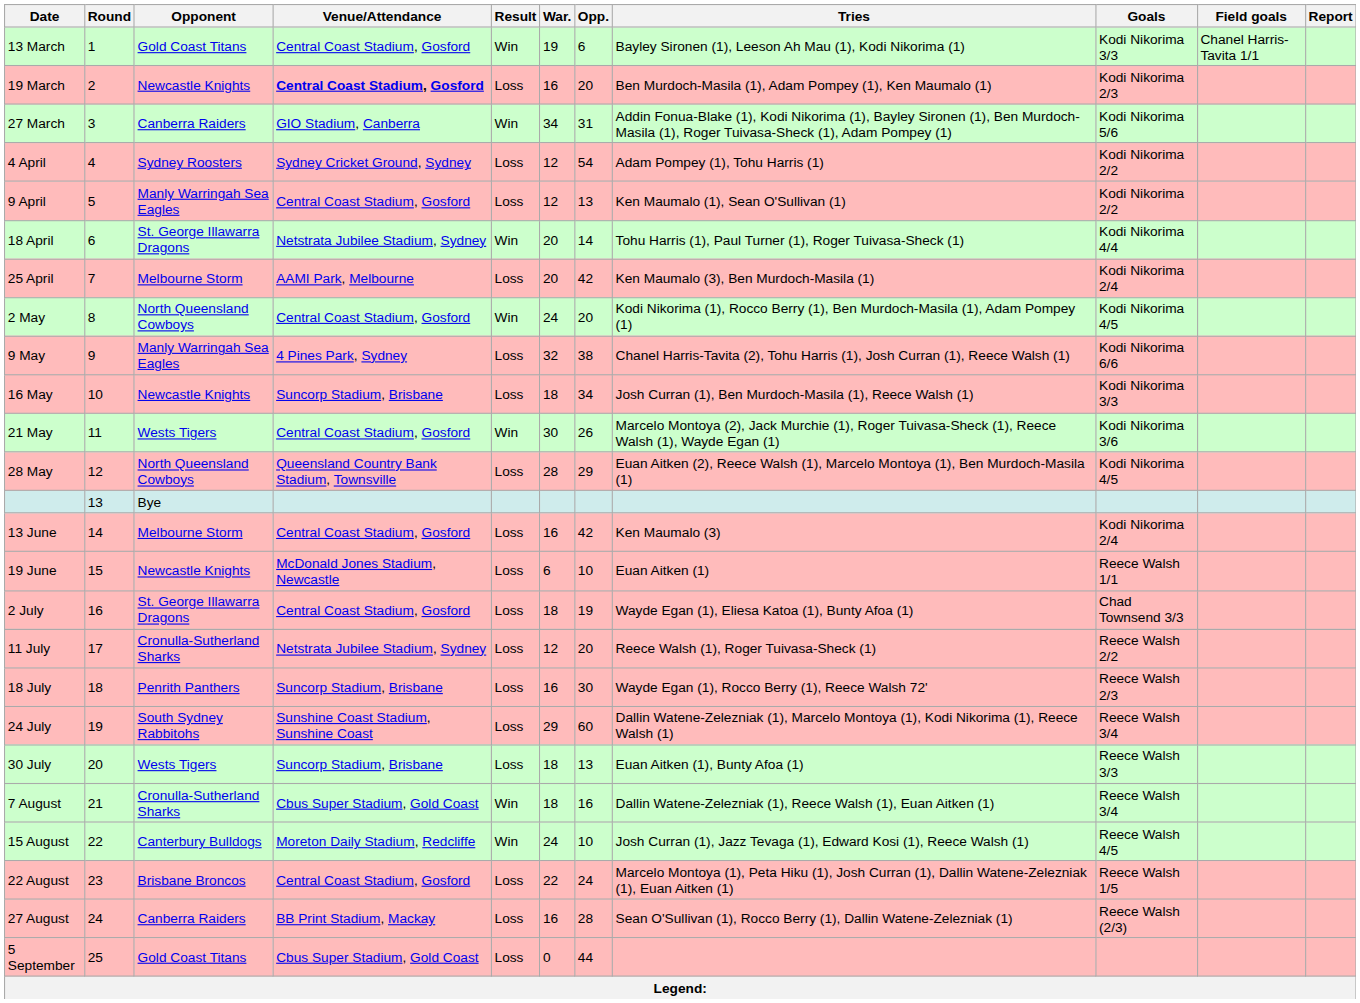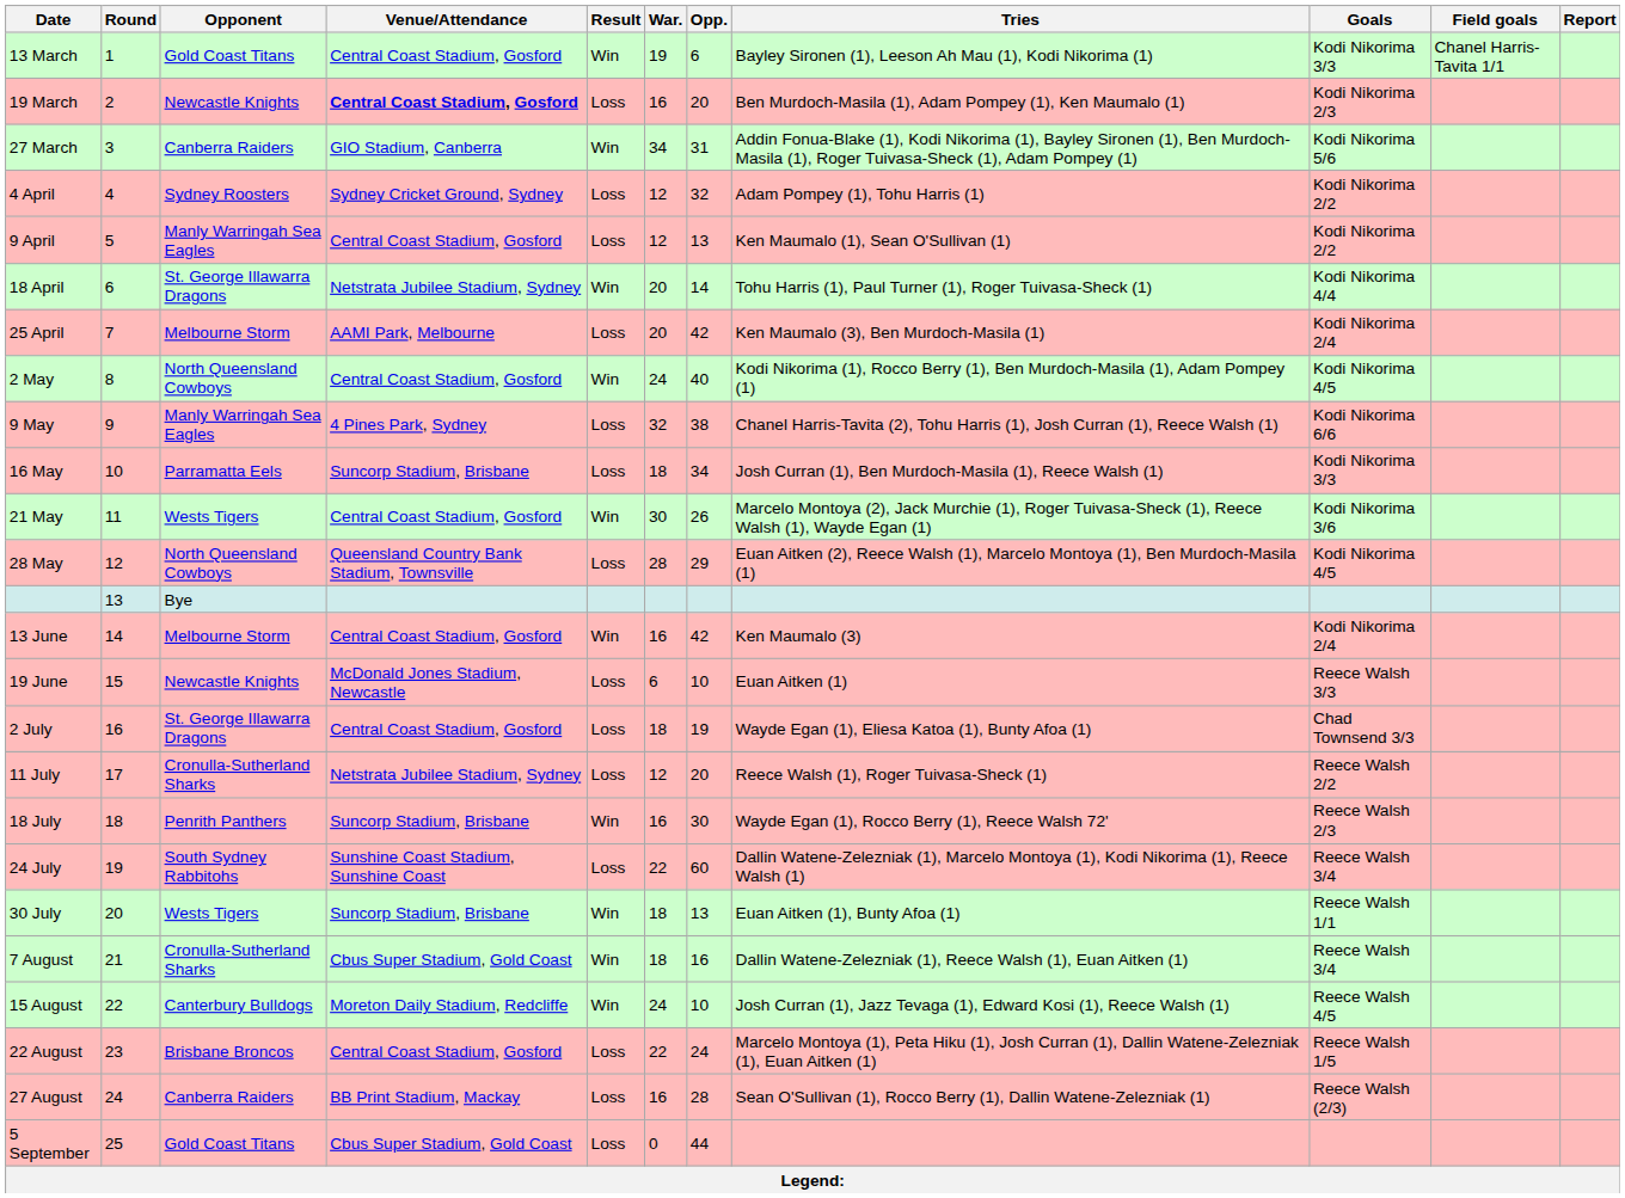 <table class="wikitable"  style="font-size:80%; width:100%;">
 <tr>
 <th>Date</th>
 <th>Round</th>
 <th>Opponent</th>
 <th>Venue/Attendance</th>
 <th>Result</th>
 <th>War.</th>
 <th>Opp.</th>
 <th>Tries</th>
 <th>Goals</th>
 <th>Field goals</th>
 <th>Report</th>
 </tr>
 <tr style="background:#CCFFCC">
 <td>13 March</td>
 <td>1</td>
 <td> <a href='#'>Gold Coast Titans</a></td>
 <td><a href='#'>Central Coast Stadium</a>, <a href='#'>Gosford</a></td>
 <td>Win</td>
 <td>19</td>
 <td>6</td>
 <td>Bayley Sironen (1), Leeson Ah Mau (1), Kodi Nikorima (1)</td>
 <td>Kodi Nikorima 3/3</td>
 <td>Chanel Harris-Tavita 1/1</td>
 <td></td>
 </tr>
 <tr style="background:#FFBBBB">
 <td>19 March</td>
 <td>2</td>
 <td> <a href='#'>Newcastle Knights</a></td>
 <td><strong><a href='#'>Central Coast Stadium</a>, <a href='#'>Gosford</a></strong></td>
 <td>Loss</td>
 <td>16</td>
 <td>20</td>
 <td>Ben Murdoch-Masila (1), Adam Pompey (1), Ken Maumalo (1)</td>
 <td>Kodi Nikorima 2/3</td>
 <td></td>
 <td></td>
 </tr>
 <tr style="background:#CCFFCC">
 <td>27 March</td>
 <td>3</td>
 <td> <a href='#'>Canberra Raiders</a></td>
 <td><a href='#'>GIO Stadium</a>, <a href='#'>Canberra</a></td>
 <td>Win</td>
 <td>34</td>
 <td>31</td>
 <td>Addin Fonua-Blake (1), Kodi Nikorima (1), Bayley Sironen (1), Ben Murdoch-Masila (1), Roger Tuivasa-Sheck (1), Adam Pompey (1)</td>
 <td>Kodi Nikorima 5/6</td>
 <td></td>
 <td></td>
 </tr>
 <tr style="background:#FFBBBB">
 <td>4 April</td>
 <td>4</td>
 <td> <a href='#'>Sydney Roosters</a></td>
 <td><a href='#'>Sydney Cricket Ground</a>, <a href='#'>Sydney</a></td>
 <td>Loss</td>
 <td>12</td>
-<td>54</td>
+<td>32</td>
 <td>Adam Pompey (1), Tohu Harris (1)</td>
 <td>Kodi Nikorima 2/2</td>
 <td></td>
 <td></td>
 </tr>
 <tr style="background:#FFBBBB">
 <td>9 April</td>
 <td>5</td>
 <td> <a href='#'>Manly Warringah Sea Eagles</a></td>
 <td><a href='#'>Central Coast Stadium</a>, <a href='#'>Gosford</a></td>
 <td>Loss</td>
 <td>12</td>
 <td>13</td>
 <td>Ken Maumalo (1), Sean O'Sullivan (1)</td>
 <td>Kodi Nikorima 2/2</td>
 <td></td>
 <td></td>
 </tr>
 <tr style="background:#CCFFCC">
 <td>18 April</td>
 <td>6</td>
 <td> <a href='#'>St. George Illawarra Dragons</a></td>
 <td><a href='#'>Netstrata Jubilee Stadium</a>, <a href='#'>Sydney</a></td>
 <td>Win</td>
 <td>20</td>
 <td>14</td>
 <td>Tohu Harris (1), Paul Turner (1), Roger Tuivasa-Sheck (1)</td>
 <td>Kodi Nikorima 4/4</td>
 <td></td>
 <td></td>
 </tr>
 <tr style="background:#FFBBBB">
 <td>25 April</td>
 <td>7</td>
 <td> <a href='#'>Melbourne Storm</a></td>
 <td><a href='#'>AAMI Park</a>, <a href='#'>Melbourne</a></td>
 <td>Loss</td>
 <td>20</td>
 <td>42</td>
 <td>Ken Maumalo (3), Ben Murdoch-Masila (1)</td>
 <td>Kodi Nikorima 2/4</td>
 <td></td>
 <td></td>
 </tr>
 <tr style="background:#CCFFCC">
 <td>2 May</td>
 <td>8</td>
 <td> <a href='#'>North Queensland Cowboys</a></td>
 <td><a href='#'>Central Coast Stadium</a>, <a href='#'>Gosford</a></td>
 <td>Win</td>
 <td>24</td>
-<td>20</td>
+<td>40</td>
 <td>Kodi Nikorima (1), Rocco Berry (1), Ben Murdoch-Masila (1), Adam Pompey (1)</td>
 <td>Kodi Nikorima 4/5</td>
 <td></td>
 <td></td>
 </tr>
 <tr style="background:#FFBBBB">
 <td>9 May</td>
 <td>9</td>
 <td> <a href='#'>Manly Warringah Sea Eagles</a></td>
 <td><a href='#'>4 Pines Park</a>, <a href='#'>Sydney</a></td>
 <td>Loss</td>
 <td>32</td>
 <td>38</td>
 <td>Chanel Harris-Tavita (2), Tohu Harris (1), Josh Curran (1), Reece Walsh (1)</td>
 <td>Kodi Nikorima 6/6</td>
 <td></td>
 <td></td>
 </tr>
 <tr style="background:#FFBBBB">
 <td>16 May</td>
 <td>10</td>
-<td> <a href='#'>Newcastle Knights</a></td>
+<td> <a href='#'>Parramatta Eels</a></td>
 <td><a href='#'>Suncorp Stadium</a>, <a href='#'>Brisbane</a></td>
 <td>Loss</td>
 <td>18</td>
 <td>34</td>
 <td>Josh Curran (1), Ben Murdoch-Masila (1), Reece Walsh (1)</td>
 <td>Kodi Nikorima 3/3</td>
 <td></td>
 <td></td>
 </tr>
 <tr style="background:#CCFFCC">
 <td>21 May</td>
 <td>11</td>
 <td> <a href='#'>Wests Tigers</a></td>
 <td><a href='#'>Central Coast Stadium</a>, <a href='#'>Gosford</a></td>
 <td>Win</td>
 <td>30</td>
 <td>26</td>
 <td>Marcelo Montoya (2), Jack Murchie (1), Roger Tuivasa-Sheck (1), Reece Walsh (1), Wayde Egan (1)</td>
 <td>Kodi Nikorima 3/6</td>
 <td></td>
 <td></td>
 </tr>
 <tr style="background:#FFBBBB">
 <td>28 May</td>
 <td>12</td>
 <td> <a href='#'>North Queensland Cowboys</a></td>
 <td><a href='#'>Queensland Country Bank Stadium</a>, <a href='#'>Townsville</a></td>
 <td>Loss</td>
 <td>28</td>
 <td>29</td>
 <td>Euan Aitken (2), Reece Walsh (1), Marcelo Montoya (1), Ben Murdoch-Masila (1)</td>
 <td>Kodi Nikorima 4/5</td>
 <td></td>
 <td></td>
 </tr>
 <tr style="background:#cfecec">
 <td></td>
 <td>13</td>
 <td>Bye</td>
 <td></td>
 <td></td>
 <td></td>
 <td></td>
 <td></td>
 <td></td>
 <td></td>
 <td></td>
 </tr>
 <tr style="background:#FFBBBB">
 <td>13 June</td>
 <td>14</td>
 <td> <a href='#'>Melbourne Storm</a></td>
 <td><a href='#'>Central Coast Stadium</a>, <a href='#'>Gosford</a></td>
-<td>Loss</td>
+<td>Win</td>
 <td>16</td>
 <td>42</td>
 <td>Ken Maumalo (3)</td>
 <td>Kodi Nikorima 2/4</td>
 <td></td>
 <td></td>
 </tr>
 <tr style="background:#FFBBBB">
 <td>19 June</td>
 <td>15</td>
 <td> <a href='#'>Newcastle Knights</a></td>
 <td><a href='#'>McDonald Jones Stadium</a>, <a href='#'>Newcastle</a></td>
 <td>Loss</td>
 <td>6</td>
 <td>10</td>
 <td>Euan Aitken (1)</td>
-<td>Reece Walsh 1/1</td>
+<td>Reece Walsh 3/3</td>
 <td></td>
 <td></td>
 </tr>
 <tr style="background:#FFBBBB">
 <td>2 July</td>
 <td>16</td>
 <td> <a href='#'>St. George Illawarra Dragons</a></td>
 <td><a href='#'>Central Coast Stadium</a>, <a href='#'>Gosford</a></td>
 <td>Loss</td>
 <td>18</td>
 <td>19</td>
 <td>Wayde Egan (1), Eliesa Katoa (1), Bunty Afoa (1)</td>
 <td>Chad Townsend 3/3</td>
 <td></td>
 <td></td>
 </tr>
 <tr style=“background:#FFBBBB>
 </tr>
 <tr style="background:#FFBBBB">
 <td>11 July</td>
 <td>17</td>
 <td> <a href='#'>Cronulla-Sutherland Sharks</a></td>
 <td><a href='#'>Netstrata Jubilee Stadium</a>, <a href='#'>Sydney</a></td>
 <td>Loss</td>
 <td>12</td>
 <td>20</td>
 <td>Reece Walsh (1), Roger Tuivasa-Sheck (1)</td>
 <td>Reece Walsh 2/2</td>
 <td></td>
 <td></td>
 </tr>
 <tr style="background:#FFBBBB">
 <td>18 July</td>
 <td>18</td>
 <td> <a href='#'>Penrith Panthers</a></td>
 <td><a href='#'>Suncorp Stadium</a>, <a href='#'>Brisbane</a></td>
-<td>Loss</td>
+<td>Win</td>
 <td>16</td>
 <td>30</td>
 <td>Wayde Egan (1), Rocco Berry (1), Reece Walsh 72'</td>
 <td>Reece Walsh 2/3</td>
 <td></td>
 <td></td>
 </tr>
 <tr style="background:#FFBBBB">
 <td>24 July</td>
 <td>19</td>
 <td> <a href='#'>South Sydney Rabbitohs</a></td>
 <td><a href='#'>Sunshine Coast Stadium</a>, <a href='#'>Sunshine Coast</a></td>
 <td>Loss</td>
-<td>29</td>
+<td>22</td>
 <td>60</td>
 <td>Dallin Watene-Zelezniak (1), Marcelo Montoya (1), Kodi Nikorima (1), Reece Walsh (1)</td>
 <td>Reece Walsh 3/4</td>
 <td></td>
 <td></td>
 </tr>
 <tr style="background:#CCFFCC">
 <td>30 July</td>
 <td>20</td>
 <td> <a href='#'>Wests Tigers</a></td>
 <td><a href='#'>Suncorp Stadium</a>, <a href='#'>Brisbane</a></td>
-<td>Loss</td>
+<td>Win</td>
 <td>18</td>
 <td>13</td>
 <td>Euan Aitken (1), Bunty Afoa (1)</td>
-<td>Reece Walsh 3/3</td>
+<td>Reece Walsh 1/1</td>
 <td></td>
 <td></td>
 </tr>
 <tr style="background:#CCFFCC">
 <td>7 August</td>
 <td>21</td>
 <td> <a href='#'>Cronulla-Sutherland Sharks</a></td>
 <td><a href='#'>Cbus Super Stadium</a>, <a href='#'>Gold Coast</a></td>
 <td>Win</td>
 <td>18</td>
 <td>16</td>
 <td>Dallin Watene-Zelezniak (1), Reece Walsh (1), Euan Aitken (1)</td>
 <td>Reece Walsh 3/4</td>
 <td></td>
 <td></td>
 </tr>
 <tr style="background:#CCFFCC">
 <td>15 August</td>
 <td>22</td>
 <td> <a href='#'>Canterbury Bulldogs</a></td>
 <td><a href='#'>Moreton Daily Stadium</a>, <a href='#'>Redcliffe</a></td>
 <td>Win</td>
 <td>24</td>
 <td>10</td>
 <td>Josh Curran (1), Jazz Tevaga (1), Edward Kosi (1), Reece Walsh (1)</td>
 <td>Reece Walsh 4/5</td>
 <td></td>
 <td></td>
 </tr>
 <tr style="background:#FFBBBB">
 <td>22 August</td>
 <td>23</td>
 <td> <a href='#'>Brisbane Broncos</a></td>
 <td><a href='#'>Central Coast Stadium</a>, <a href='#'>Gosford</a></td>
 <td>Loss</td>
 <td>22</td>
 <td>24</td>
 <td>Marcelo Montoya (1), Peta Hiku (1), Josh Curran (1), Dallin Watene-Zelezniak (1), Euan Aitken (1)</td>
 <td>Reece Walsh 1/5</td>
 <td></td>
 <td></td>
 </tr>
 <tr style="background:#FFBBBB">
 <td>27 August</td>
 <td>24</td>
 <td> <a href='#'>Canberra Raiders</a></td>
 <td><a href='#'>BB Print Stadium</a>, <a href='#'>Mackay</a></td>
 <td>Loss</td>
 <td>16</td>
 <td>28</td>
 <td>Sean O'Sullivan (1), Rocco Berry (1), Dallin Watene-Zelezniak (1)</td>
 <td>Reece Walsh (2/3)</td>
 <td></td>
 <td></td>
 </tr>
 <tr style="background:#FFBBBB">
 <td>5 September</td>
 <td>25</td>
 <td> <a href='#'>Gold Coast Titans</a></td>
 <td><a href='#'>Cbus Super Stadium</a>, <a href='#'>Gold Coast</a></td>
 <td>Loss</td>
 <td>0</td>
 <td>44</td>
 <td></td>
 <td></td>
 <td></td>
 <td></td>
 </tr>
 <tr>
 <th colspan="11"><strong>Legend</strong>:<br>   </th>
 </tr>
 </table>
